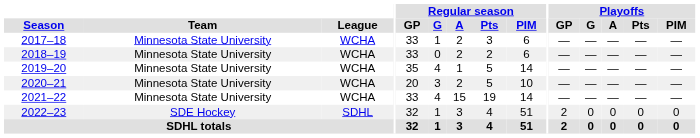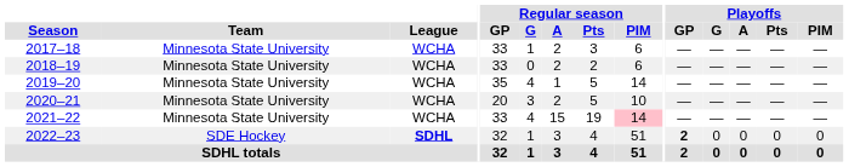 <table border="0" cellpadding="1" cellspacing="0" style="text-align:center; width:60em">
 <tr bgcolor="#e0e0e0">
 <th colspan="3" bgcolor="#ffffff"></th>
 <th rowspan="97" bgcolor="#ffffff"></th>
 <th colspan="5"><a href='#'>Regular season</a></th>
 <th rowspan="97" bgcolor="#ffffff"></th>
 <th colspan="5"><a href='#'>Playoffs</a></th>
 </tr>
 <tr bgcolor="#e0e0e0">
 <th><a href='#'>Season</a></th>
 <th>Team</th>
 <th>League</th>
 <th>GP</th>
 <th><a href='#'>G</a></th>
 <th><a href='#'>A</a></th>
 <th><a href='#'>Pts</a></th>
 <th><a href='#'>PIM</a></th>
 <th>GP</th>
 <th>G</th>
 <th>A</th>
 <th>Pts</th>
 <th>PIM</th>
 </tr>
 <tr>
 <td><a href='#'>2017–18</a></td>
 <td><a href='#'>Minnesota State University</a></td>
 <td><a href='#'>WCHA</a></td>
 <td>33</td>
 <td>1</td>
 <td>2</td>
 <td>3</td>
 <td>6</td>
 <td>—</td>
 <td>—</td>
 <td>—</td>
 <td>—</td>
 <td>—</td>
 </tr>
 <tr bgcolor="#f0f0f0">
 <td><a href='#'>2018–19</a></td>
 <td>Minnesota State University</td>
 <td>WCHA</td>
 <td>33</td>
 <td>0</td>
 <td>2</td>
 <td>2</td>
 <td>6</td>
 <td>—</td>
 <td>—</td>
 <td>—</td>
 <td>—</td>
 <td>—</td>
 </tr>
 <tr>
 <td><a href='#'>2019–20</a></td>
 <td>Minnesota State University</td>
 <td>WCHA</td>
 <td>35</td>
 <td>4</td>
 <td>1</td>
 <td>5</td>
 <td>14</td>
 <td>—</td>
 <td>—</td>
 <td>—</td>
 <td>—</td>
 <td>—</td>
 </tr>
 <tr bgcolor="#f0f0f0">
 <td><a href='#'>2020–21</a></td>
 <td>Minnesota State University</td>
 <td>WCHA</td>
 <td>20</td>
 <td>3</td>
 <td>2</td>
 <td>5</td>
 <td>10</td>
 <td>—</td>
 <td>—</td>
 <td>—</td>
 <td>—</td>
 <td>—</td>
 </tr>
 <tr>
 <td><a href='#'>2021–22</a></td>
 <td>Minnesota State University</td>
 <td>WCHA</td>
 <td>33</td>
 <td>4</td>
 <td>15</td>
 <td>19</td>
-<td>14</td>
+<td style="background: pink;">14</td>
 <td>—</td>
 <td>—</td>
 <td>—</td>
 <td>—</td>
 <td>—</td>
 </tr>
 <tr bgcolor="#f0f0f0">
 <td><a href='#'>2022–23</a></td>
 <td><a href='#'>SDE Hockey</a></td>
-<td><a href='#'>SDHL</a></td>
+<td><strong><a href='#'>SDHL</a></strong></td>
 <td>32</td>
 <td>1</td>
 <td>3</td>
 <td>4</td>
 <td>51</td>
-<td>2</td>
+<td><strong>2</strong></td>
 <td>0</td>
 <td>0</td>
 <td>0</td>
 <td>0</td>
 </tr>
 <tr bgcolor="#e0e0e0">
 <th colspan="3">SDHL totals</th>
 <th>32</th>
 <th>1</th>
 <th>3</th>
 <th>4</th>
 <th>51</th>
 <th>2</th>
 <th>0</th>
 <th>0</th>
 <th>0</th>
 <th>0</th>
 </tr>
 </table>
